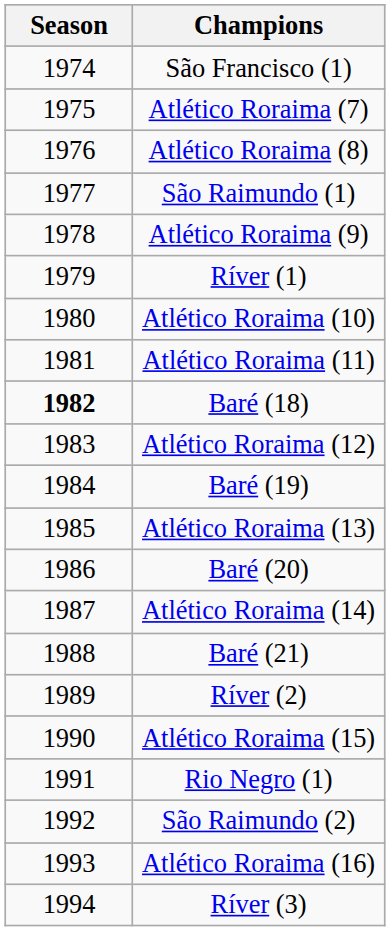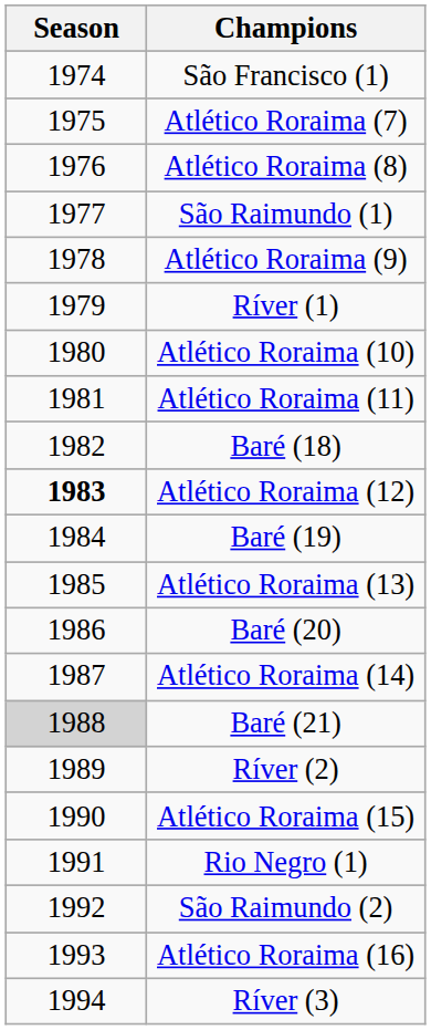 <table class="wikitable" style="text-align:center; margin-left:1em;">
 <tr>
 <th style="width:70px">Season</th>
 <th style="width:145px">Champions</th>
 </tr>
 <tr>
 <td>1974</td>
 <td>São Francisco (1)</td>
 </tr>
 <tr>
 <td>1975</td>
 <td><a href='#'>Atlético Roraima</a> (7)</td>
 </tr>
 <tr>
 <td>1976</td>
 <td><a href='#'>Atlético Roraima</a> (8)</td>
 </tr>
 <tr>
 <td>1977</td>
 <td><a href='#'>São Raimundo</a> (1)</td>
 </tr>
 <tr>
 <td>1978</td>
 <td><a href='#'>Atlético Roraima</a> (9)</td>
 </tr>
 <tr>
 <td>1979</td>
 <td><a href='#'>Ríver</a> (1)</td>
 </tr>
 <tr>
 <td>1980</td>
 <td><a href='#'>Atlético Roraima</a> (10)</td>
 </tr>
 <tr>
 <td>1981</td>
 <td><a href='#'>Atlético Roraima</a> (11)</td>
 </tr>
 <tr>
-<td><strong>1982</strong></td>
+<td>1982</td>
 <td><a href='#'>Baré</a> (18)</td>
 </tr>
 <tr>
-<td>1983</td>
+<td><strong>1983</strong></td>
 <td><a href='#'>Atlético Roraima</a> (12)</td>
 </tr>
 <tr>
 <td>1984</td>
 <td><a href='#'>Baré</a> (19)</td>
 </tr>
 <tr>
 <td>1985</td>
 <td><a href='#'>Atlético Roraima</a> (13)</td>
 </tr>
 <tr>
 <td>1986</td>
 <td><a href='#'>Baré</a> (20)</td>
 </tr>
 <tr>
 <td>1987</td>
 <td><a href='#'>Atlético Roraima</a> (14)</td>
 </tr>
 <tr>
-<td>1988</td>
+<td style="background: lightgrey;">1988</td>
 <td><a href='#'>Baré</a> (21)</td>
 </tr>
 <tr>
 <td>1989</td>
 <td><a href='#'>Ríver</a> (2)</td>
 </tr>
 <tr>
 <td>1990</td>
 <td><a href='#'>Atlético Roraima</a> (15)</td>
 </tr>
 <tr>
 <td>1991</td>
 <td><a href='#'>Rio Negro</a> (1)</td>
 </tr>
 <tr>
 <td>1992</td>
 <td><a href='#'>São Raimundo</a> (2)</td>
 </tr>
 <tr>
 <td>1993</td>
 <td><a href='#'>Atlético Roraima</a> (16)</td>
 </tr>
 <tr>
 <td>1994</td>
 <td><a href='#'>Ríver</a> (3)</td>
 </tr>
 </table>
